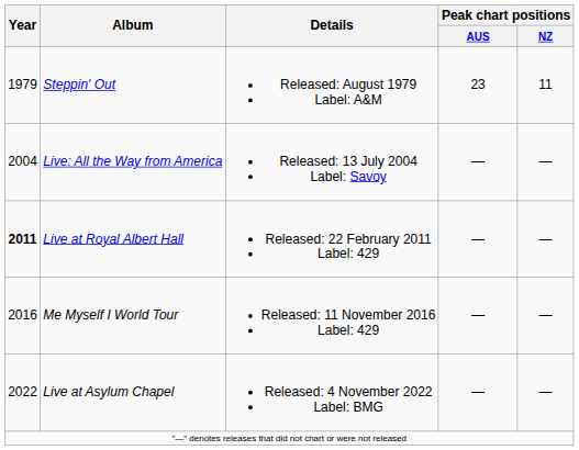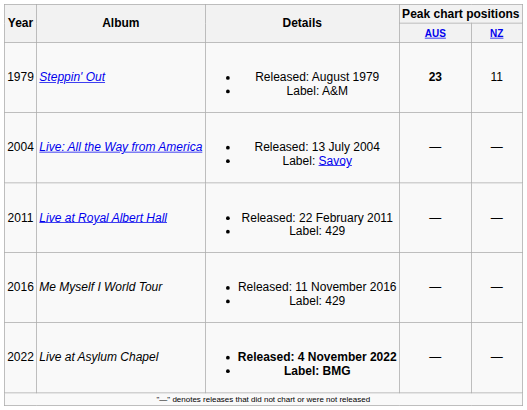 <table class="wikitable" style="text-align:center">
 <tr>
 <th rowspan="2">Year</th>
 <th rowspan="2">Album</th>
 <th rowspan="2">Details</th>
 <th colspan="2">Peak chart positions</th>
 </tr>
 <tr>
 <th><small><a href='#'>AUS</a></small><br></th>
 <th><small><a href='#'>NZ</a></small><br></th>
 </tr>
 <tr>
 <td>1979</td>
 <td align="left"><em><a href='#'>Steppin' Out</a></em></td>
 <td><br><ul><li>Released: August 1979</li><li>Label: A&M</li></ul></td>
-<td>23</td>
+<td><strong>23</strong></td>
 <td>11</td>
 </tr>
 <tr>
 <td>2004</td>
 <td align="left"><em><a href='#'>Live: All the Way from America</a></em></td>
 <td><br><ul><li>Released: 13 July 2004</li><li>Label: <a href='#'>Savoy</a></li></ul></td>
 <td>—</td>
 <td>—</td>
 </tr>
 <tr>
-<td><strong>2011</strong></td>
+<td>2011</td>
 <td align="left"><em><a href='#'>Live at Royal Albert Hall</a></em></td>
 <td><br><ul><li>Released: 22 February 2011</li><li>Label: 429</li></ul></td>
 <td>—</td>
 <td>—</td>
 </tr>
 <tr>
 <td>2016</td>
 <td align="left"><em>Me Myself I World Tour</em></td>
 <td><br><ul><li>Released: 11 November 2016</li><li>Label: 429</li></ul></td>
 <td>—</td>
 <td>—</td>
 </tr>
 <tr>
 <td>2022</td>
 <td align="left"><em>Live at Asylum Chapel</em></td>
-<td><br><ul><li>Released: 4 November 2022</li><li>Label: BMG</li></ul></td>
+<td><strong><br><ul><li>Released: 4 November 2022</li><li>Label: BMG</li></ul></strong></td>
 <td>—</td>
 <td>—</td>
 </tr>
 <tr>
 <td colspan="5" style="font-size:8pt">"—" denotes releases that did not chart or were not released</td>
 </tr>
 </table>
